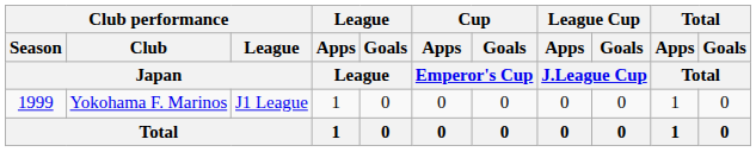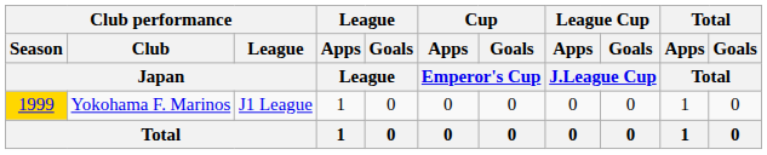 <table class="wikitable" style="text-align:center;">
 <tr>
 <th colspan=3>Club performance</th>
 <th colspan=2>League</th>
 <th colspan=2>Cup</th>
 <th colspan=2>League Cup</th>
 <th colspan=2>Total</th>
 </tr>
 <tr>
 <th>Season</th>
 <th>Club</th>
 <th>League</th>
 <th>Apps</th>
 <th>Goals</th>
 <th>Apps</th>
 <th>Goals</th>
 <th>Apps</th>
 <th>Goals</th>
 <th>Apps</th>
 <th>Goals</th>
 </tr>
 <tr>
 <th colspan=3>Japan</th>
 <th colspan=2>League</th>
 <th colspan=2><a href='#'>Emperor's Cup</a></th>
 <th colspan=2><a href='#'>J.League Cup</a></th>
 <th colspan=2>Total</th>
 </tr>
 <tr>
-<td><a href='#'>1999</a></td>
+<td style="background: gold;"><a href='#'>1999</a></td>
 <td><a href='#'>Yokohama F. Marinos</a></td>
 <td><a href='#'>J1 League</a></td>
 <td>1</td>
 <td>0</td>
 <td>0</td>
 <td>0</td>
 <td>0</td>
 <td>0</td>
 <td>1</td>
 <td>0</td>
 </tr>
 <tr>
 <th colspan=3>Total</th>
 <th>1</th>
 <th>0</th>
 <th>0</th>
 <th>0</th>
 <th>0</th>
 <th>0</th>
 <th>1</th>
 <th>0</th>
 </tr>
 </table>
